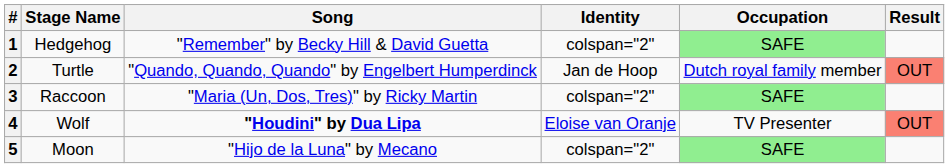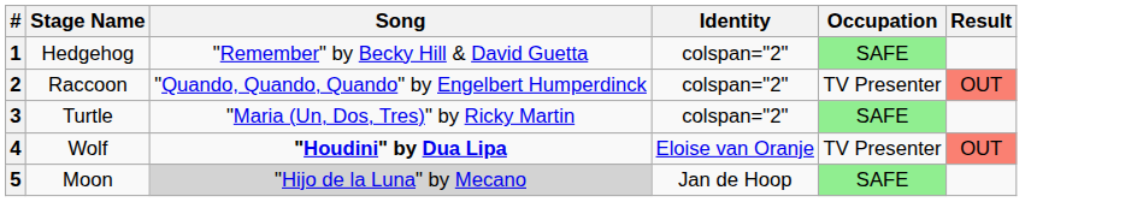 <table class="wikitable plainrowheaders" style="text-align: center;">
 <tr>
 <th><strong>#</strong></th>
 <th><strong>Stage Name</strong></th>
 <th><strong>Song</strong></th>
 <th>Identity</th>
 <th><strong>Occupation</strong></th>
 <th>Result</th>
 </tr>
 <tr>
 <th>1</th>
 <td>Hedgehog</td>
 <td>"<a href='#'>Remember</a>" by <a href='#'>Becky Hill</a> & <a href='#'>David Guetta</a></td>
 <td>colspan="2" </td>
 <td bgcolor="lightgreen">SAFE</td>
 </tr>
 <tr>
 <th>2</th>
-<td>Turtle</td>
+<td>Raccoon</td>
 <td>"<a href='#'>Quando, Quando, Quando</a>" by <a href='#'>Engelbert Humperdinck</a></td>
-<td>Jan de Hoop</td>
-<td><a href='#'>Dutch royal family</a> member</td>
+<td>colspan="2" </td>
+<td>TV Presenter</td>
 <td bgcolor="salmon">OUT</td>
 </tr>
 <tr>
 <th>3</th>
-<td>Raccoon</td>
+<td>Turtle</td>
 <td>"<a href='#'>Maria (Un, Dos, Tres)</a>" by <a href='#'>Ricky Martin</a></td>
 <td>colspan="2" </td>
 <td bgcolor="lightgreen">SAFE</td>
 </tr>
 <tr>
 <th>4</th>
 <td>Wolf</td>
 <td><strong>"<a href='#'>Houdini</a>" by <a href='#'>Dua Lipa</a></strong></td>
 <td><a href='#'>Eloise van Oranje</a></td>
 <td>TV Presenter</td>
 <td bgcolor="salmon">OUT</td>
 </tr>
 <tr>
 <th>5</th>
 <td>Moon</td>
-<td>"<a href='#'>Hijo de la Luna</a>" by <a href='#'>Mecano</a></td>
-<td>colspan="2" </td>
+<td style="background: lightgrey;">"<a href='#'>Hijo de la Luna</a>" by <a href='#'>Mecano</a></td>
+<td>Jan de Hoop</td>
 <td bgcolor="lightgreen">SAFE</td>
 </tr>
 </table>
